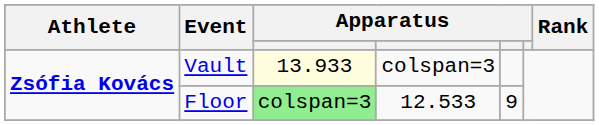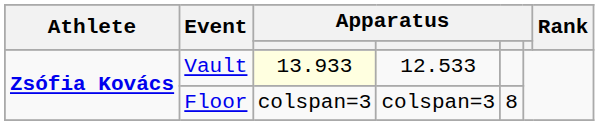 <table class="wikitable" style="font-size:90%">
 <tr>
 <th rowspan=2>Athlete</th>
 <th rowspan=2>Event</th>
 <th colspan=4>Apparatus</th>
 <th rowspan=2>Rank</th>
 </tr>
 <tr style="font-size:95%">
 <th></th>
 <th></th>
 <th></th>
 <th></th>
 </tr>
 <tr align=center>
 <td rowspan=2 align=left><strong><a href='#'>Zsófia Kovács</a></strong></td>
 <td align=left><a href='#'>Vault</a></td>
 <td style="background: lightyellow;">13.933</td>
-<td>colspan=3 </td>
+<td>12.533</td>
 <td><strong></strong></td>
 </tr>
 <tr align=center>
 <td align=left><a href='#'>Floor</a></td>
-<td style="background: lightgreen;">colspan=3 </td>
-<td>12.533</td>
-<td>9</td>
+<td>colspan=3 </td>
+<td>colspan=3 </td>
+<td>8</td>
 </tr>
 </table>
